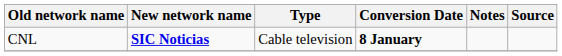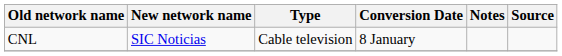 <table class="wikitable">
 <tr>
 <th>Old network name</th>
 <th>New network name</th>
 <th>Type</th>
 <th>Conversion Date</th>
 <th>Notes</th>
 <th>Source</th>
 </tr>
 <tr>
 <td>CNL</td>
-<td><strong><a href='#'>SIC Noticias</a></strong></td>
+<td><a href='#'>SIC Noticias</a></td>
 <td>Cable television</td>
-<td><strong>8 January</strong></td>
+<td>8 January</td>
 <td></td>
 <td></td>
 </tr>
 <tr>
 </tr>
 </table>
